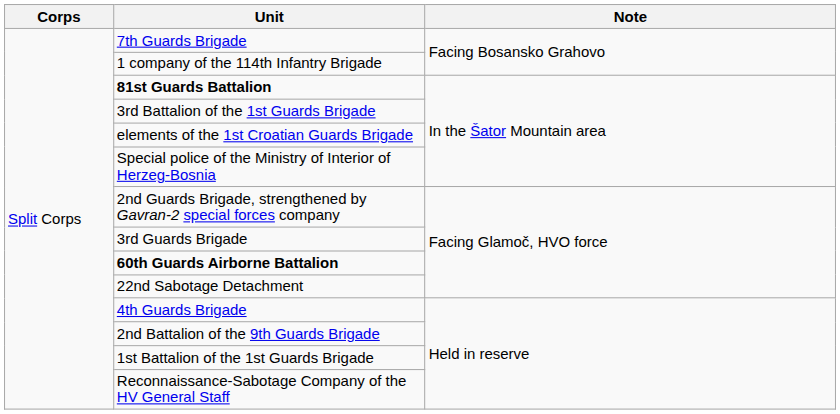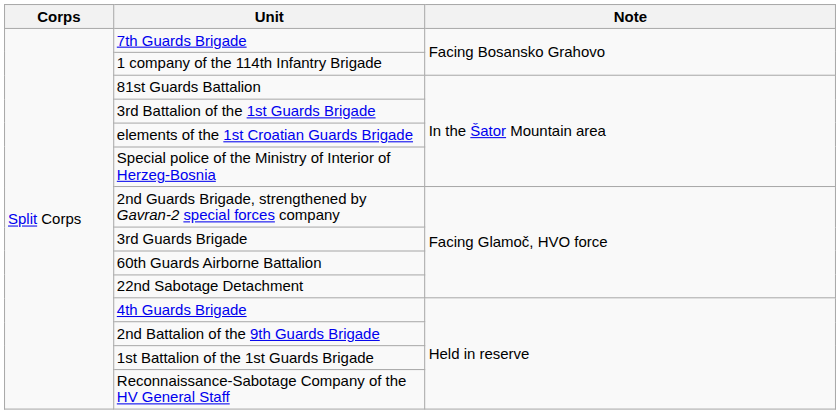 <table class="plainrowheaders wikitable collapsible collapsed" style="cellspacing=2px; text-align:left; font-size:90%;" width=800px>
 <tr style="font-size:100%; text-align:right;">
 <th style="width:100px;" scope="col">Corps</th>
 <th style="width:300px;" scope="col">Unit</th>
 <th style="width:400px;" scope="col">Note</th>
 </tr>
 <tr>
 <td rowspan=14><a href='#'>Split</a> Corps</td>
 <td><a href='#'>7th Guards Brigade</a></td>
 <td rowspan=2>Facing Bosansko Grahovo</td>
 </tr>
 <tr>
 <td>1 company of the 114th Infantry Brigade</td>
 </tr>
 <tr>
-<td><strong>81st Guards Battalion</strong></td>
+<td>81st Guards Battalion</td>
 <td rowspan=4>In the <a href='#'>Šator</a> Mountain area</td>
 </tr>
 <tr>
 <td>3rd Battalion of the <a href='#'>1st Guards Brigade</a></td>
 </tr>
 <tr>
 <td>elements of the <a href='#'>1st Croatian Guards Brigade</a></td>
 </tr>
 <tr>
 <td>Special police of the Ministry of Interior of <a href='#'>Herzeg-Bosnia</a></td>
 </tr>
 <tr>
 <td>2nd Guards Brigade, strengthened by <em>Gavran-2</em> <a href='#'>special forces</a> company</td>
 <td rowspan=4>Facing Glamoč, HVO force</td>
 </tr>
 <tr>
 <td>3rd Guards Brigade</td>
 </tr>
 <tr>
-<td><strong>60th Guards Airborne Battalion</strong></td>
+<td>60th Guards Airborne Battalion</td>
 </tr>
 <tr>
 <td>22nd Sabotage Detachment</td>
 </tr>
 <tr>
 <td><a href='#'>4th Guards Brigade</a></td>
 <td rowspan=4>Held in reserve</td>
 </tr>
 <tr>
 <td>2nd Battalion of the <a href='#'>9th Guards Brigade</a></td>
 </tr>
 <tr>
 <td>1st Battalion of the 1st Guards Brigade</td>
 </tr>
 <tr>
 <td>Reconnaissance-Sabotage Company of the <a href='#'>HV General Staff</a></td>
 </tr>
 </table>
